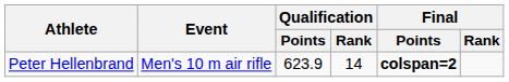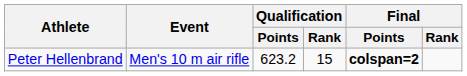 <table class="wikitable" style="font-size:90%">
 <tr>
 <th rowspan="2">Athlete</th>
 <th rowspan="2">Event</th>
 <th colspan="2">Qualification</th>
 <th colspan="2">Final</th>
 </tr>
 <tr style="font-size:95%">
 <th>Points</th>
 <th>Rank</th>
 <th>Points</th>
 <th>Rank</th>
 </tr>
 <tr align=center>
 <td><a href='#'>Peter Hellenbrand</a></td>
 <td><a href='#'>Men's 10 m air rifle</a></td>
-<td>623.9</td>
-<td>14</td>
+<td>623.2</td>
+<td>15</td>
 <td><strong>colspan=2 </strong></td>
 </tr>
 </table>
